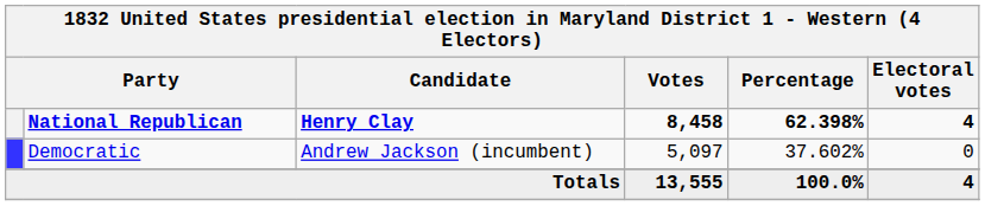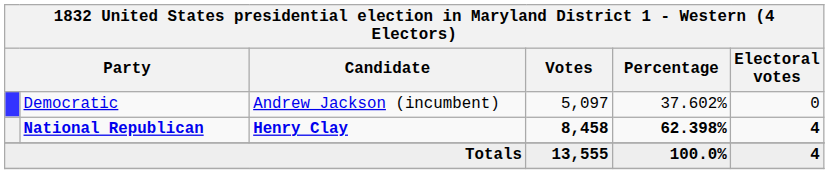 <table class="wikitable" style="font-size: 95%;">
 <tr>
 <th colspan="6">1832 United States presidential election in Maryland District 1 - Western (4 Electors) </th>
 </tr>
 <tr>
 <th colspan="2" style="width: 15em">Party</th>
 <th style="width: 17em">Candidate</th>
 <th style="width: 5em">Votes</th>
 <th style="width: 7em">Percentage</th>
 <th style="width: 5em">Electoral votes</th>
 </tr>
 <tr>
+<th style="background-color:#3333FF; width: 3px"></th>
+<td style="width: 130px"><a href='#'>Democratic</a></td>
+<td><a href='#'>Andrew Jackson</a> (incumbent)</td>
+<td align="right">5,097</td>
+<td align="right">37.602%</td>
+<td align="right">0</td>
+</tr>
+<tr>
 <th></th>
 <td style="width: 130px"><strong><a href='#'>National Republican</a></strong></td>
 <td><strong><a href='#'>Henry Clay</a></strong></td>
 <td align="right"><strong>8,458</strong></td>
 <td align="right"><strong>62.398%</strong></td>
 <td align="right"><strong>4</strong></td>
-</tr>
-<tr>
-<th style="background-color:#3333FF; width: 3px"></th>
-<td style="width: 130px"><a href='#'>Democratic</a></td>
-<td><a href='#'>Andrew Jackson</a> (incumbent)</td>
-<td align="right">5,097</td>
-<td align="right">37.602%</td>
-<td align="right">0</td>
 </tr>
 <tr>
 </tr>
 <tr bgcolor="#EEEEEE">
 <td colspan="3" align="right"><strong>Totals</strong></td>
 <td align="right"><strong>13,555</strong></td>
 <td align="right"><strong>100.0%</strong></td>
 <td align="right"><strong>4</strong></td>
 </tr>
 <tr>
 </tr>
 </table>
